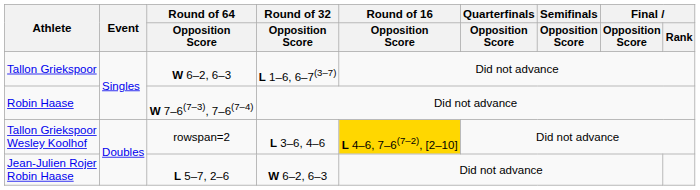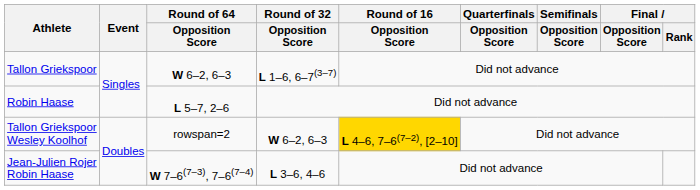 <table class=wikitable style="font-size:90%">
 <tr>
 <th rowspan="2">Athlete</th>
 <th rowspan="2">Event</th>
 <th>Round of 64</th>
 <th>Round of 32</th>
 <th>Round of 16</th>
 <th>Quarterfinals</th>
 <th>Semifinals</th>
 <th colspan=2>Final / </th>
 </tr>
 <tr style="font-size:95%">
 <th>Opposition<br>Score</th>
 <th>Opposition<br>Score</th>
 <th>Opposition<br>Score</th>
 <th>Opposition<br>Score</th>
 <th>Opposition<br>Score</th>
 <th>Opposition<br>Score</th>
 <th>Rank</th>
 </tr>
 <tr align=center>
 <td align=left><a href='#'>Tallon Griekspoor</a></td>
 <td align=left rowspan=2><a href='#'>Singles</a></td>
 <td><br><strong>W</strong> 6–2, 6–3</td>
 <td><br><strong>L</strong> 1–6, 6–7<sup>(3–7)</sup></td>
 <td colspan=5>Did not advance</td>
 </tr>
 <tr align=center>
 <td align=left><a href='#'>Robin Haase</a></td>
-<td><br><strong>W</strong> 7–6<sup>(7–3)</sup>, 7–6<sup>(7–4)</sup></td>
+<td><br><strong>L</strong> 5–7, 2–6</td>
 <td colspan=6>Did not advance</td>
 </tr>
 <tr align=center>
 <td align=left><a href='#'>Tallon Griekspoor</a><br><a href='#'>Wesley Koolhof</a></td>
 <td align=left rowspan=2><a href='#'>Doubles</a></td>
 <td>rowspan=2 </td>
-<td><br><strong>L</strong> 3–6, 4–6</td>
+<td><br><strong>W</strong> 6–2, 6–3</td>
 <td style="background: gold;"><br><strong>L</strong> 4–6, 7–6<sup>(7–2)</sup>, [2–10]</td>
 <td colspan=4>Did not advance</td>
 </tr>
 <tr align=center>
 <td align=left><a href='#'>Jean-Julien Rojer</a><br><a href='#'>Robin Haase</a></td>
-<td><br><strong>L</strong> 5–7, 2–6</td>
-<td><br><strong>W</strong> 6–2, 6–3</td>
+<td><br><strong>W</strong> 7–6<sup>(7–3)</sup>, 7–6<sup>(7–4)</sup></td>
+<td><br><strong>L</strong> 3–6, 4–6</td>
 <td colspan=4>Did not advance</td>
 </tr>
 </table>
